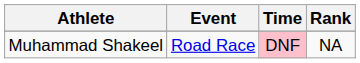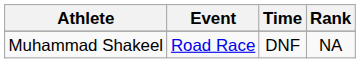 <table class=wikitable style="font-size:95%">
 <tr>
 <th>Athlete</th>
 <th>Event</th>
 <th>Time</th>
 <th>Rank</th>
 </tr>
 <tr>
 </tr>
 <tr align=center>
 <td>Muhammad Shakeel</td>
 <td><a href='#'>Road Race</a></td>
-<td style="background: pink;">DNF</td>
+<td>DNF</td>
 <td>NA</td>
 </tr>
 </table>
